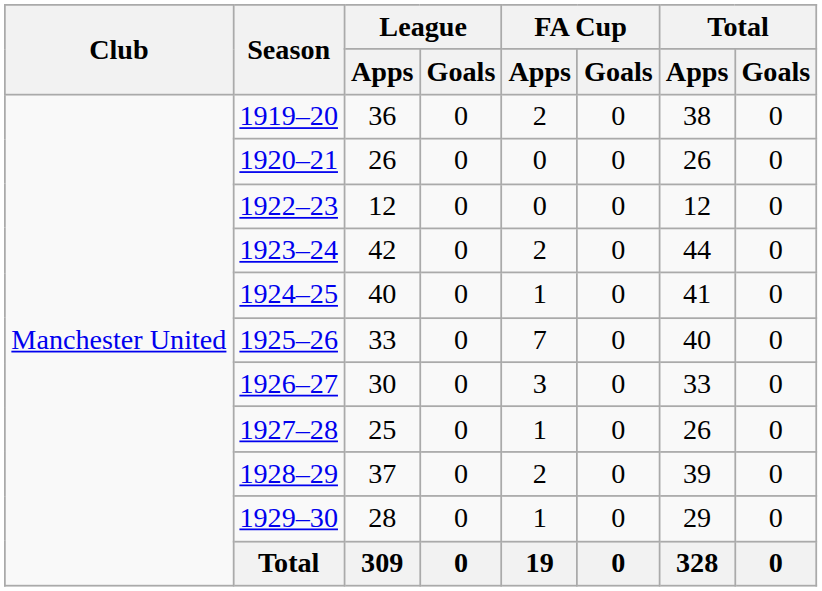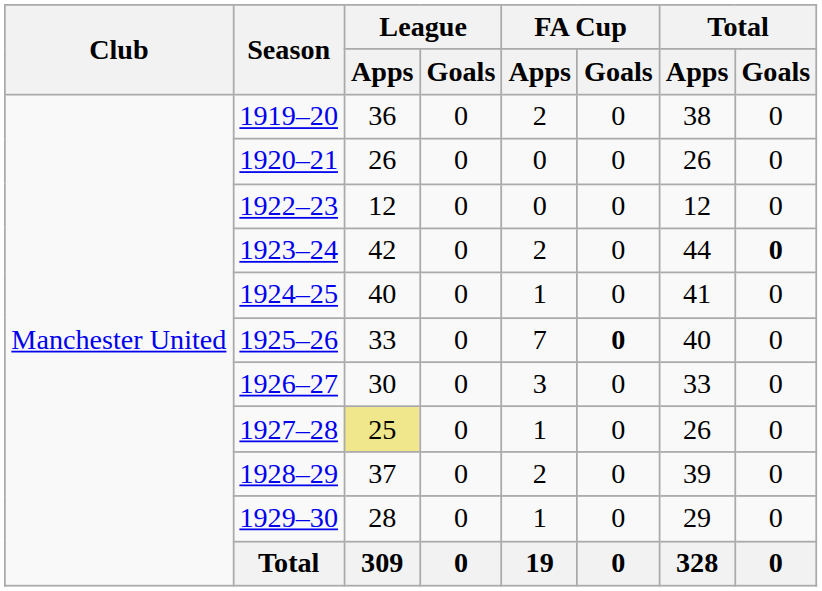 <table class="wikitable" style="text-align: center;">
 <tr>
 <th rowspan="2">Club</th>
 <th rowspan="2">Season</th>
 <th colspan="2">League</th>
 <th colspan="2">FA Cup</th>
 <th colspan="2">Total</th>
 </tr>
 <tr>
 <th>Apps</th>
 <th>Goals</th>
 <th>Apps</th>
 <th>Goals</th>
 <th>Apps</th>
 <th>Goals</th>
 </tr>
 <tr>
 <td rowspan="11"><a href='#'>Manchester United</a></td>
 <td><a href='#'>1919–20</a></td>
 <td>36</td>
 <td>0</td>
 <td>2</td>
 <td>0</td>
 <td>38</td>
 <td>0</td>
 </tr>
 <tr>
 <td><a href='#'>1920–21</a></td>
 <td>26</td>
 <td>0</td>
 <td>0</td>
 <td>0</td>
 <td>26</td>
 <td>0</td>
 </tr>
 <tr>
 <td><a href='#'>1922–23</a></td>
 <td>12</td>
 <td>0</td>
 <td>0</td>
 <td>0</td>
 <td>12</td>
 <td>0</td>
 </tr>
 <tr>
 <td><a href='#'>1923–24</a></td>
 <td>42</td>
 <td>0</td>
 <td>2</td>
 <td>0</td>
 <td>44</td>
-<td>0</td>
+<td><strong>0</strong></td>
 </tr>
 <tr>
 <td><a href='#'>1924–25</a></td>
 <td>40</td>
 <td>0</td>
 <td>1</td>
 <td>0</td>
 <td>41</td>
 <td>0</td>
 </tr>
 <tr>
 <td><a href='#'>1925–26</a></td>
 <td>33</td>
 <td>0</td>
 <td>7</td>
-<td>0</td>
+<td><strong>0</strong></td>
 <td>40</td>
 <td>0</td>
 </tr>
 <tr>
 <td><a href='#'>1926–27</a></td>
 <td>30</td>
 <td>0</td>
 <td>3</td>
 <td>0</td>
 <td>33</td>
 <td>0</td>
 </tr>
 <tr>
 <td><a href='#'>1927–28</a></td>
-<td>25</td>
+<td style="background: khaki;">25</td>
 <td>0</td>
 <td>1</td>
 <td>0</td>
 <td>26</td>
 <td>0</td>
 </tr>
 <tr>
 <td><a href='#'>1928–29</a></td>
 <td>37</td>
 <td>0</td>
 <td>2</td>
 <td>0</td>
 <td>39</td>
 <td>0</td>
 </tr>
 <tr>
 <td><a href='#'>1929–30</a></td>
 <td>28</td>
 <td>0</td>
 <td>1</td>
 <td>0</td>
 <td>29</td>
 <td>0</td>
 </tr>
 <tr>
 <th>Total</th>
 <th>309</th>
 <th>0</th>
 <th>19</th>
 <th>0</th>
 <th>328</th>
 <th>0</th>
 </tr>
 </table>
